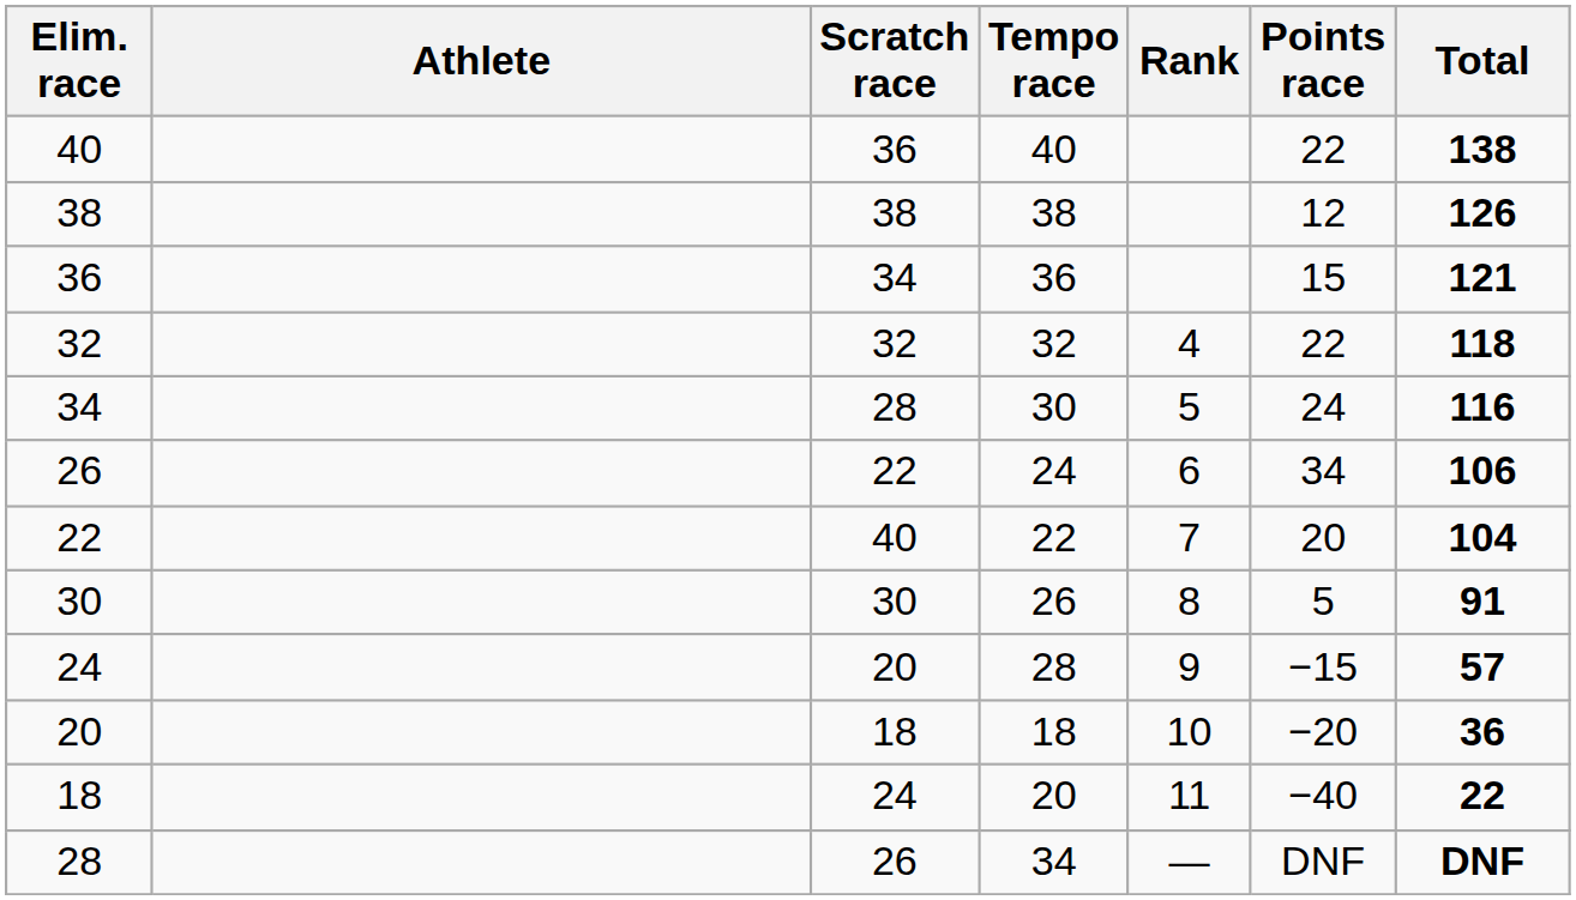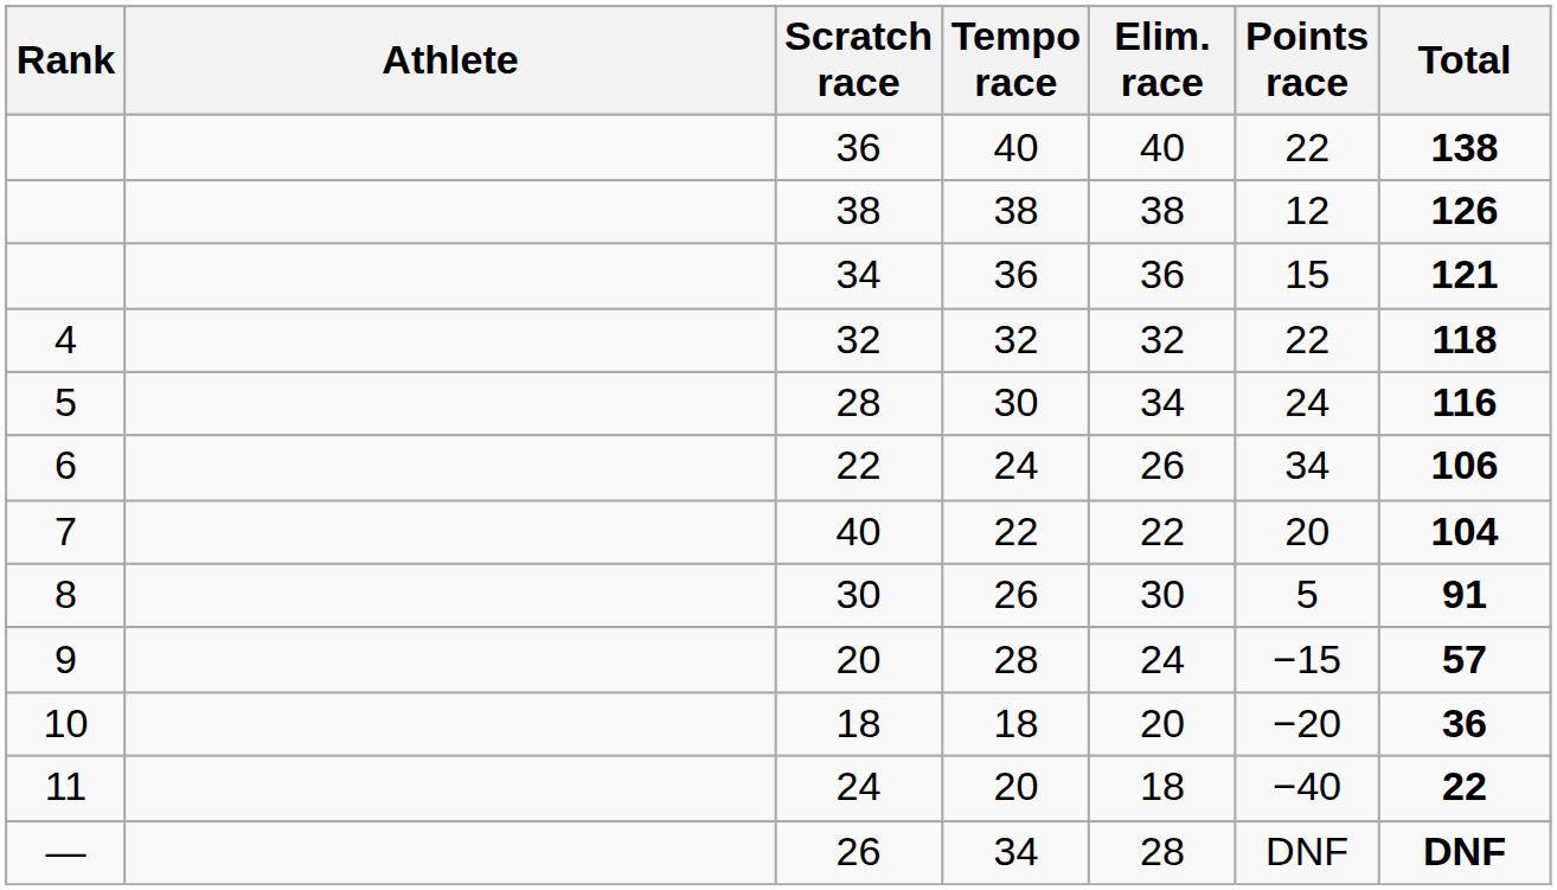 <table class=wikitable style="text-align:center">
 <tr>
-<th width=50>Elim.<br>race</th>
+<th width=40>Rank</th>
 <th width=250>Athlete</th>
 <th width=50>Scratch<br>race</th>
 <th width=50>Tempo<br>race</th>
-<th width=40>Rank</th>
+<th width=50>Elim.<br>race</th>
 <th width=50>Points<br>race</th>
 <th width=60>Total</th>
 </tr>
 <tr>
-<td>40</td>
+<td></td>
 <td align=left></td>
 <td>36</td>
 <td>40</td>
-<td></td>
+<td>40</td>
 <td>22</td>
 <td><strong>138</strong></td>
 </tr>
 <tr>
-<td>38</td>
+<td></td>
 <td align=left></td>
 <td>38</td>
 <td>38</td>
-<td></td>
+<td>38</td>
 <td>12</td>
 <td><strong>126</strong></td>
 </tr>
 <tr>
-<td>36</td>
+<td></td>
 <td align=left></td>
 <td>34</td>
 <td>36</td>
-<td></td>
+<td>36</td>
 <td>15</td>
 <td><strong>121</strong></td>
 </tr>
 <tr>
-<td>32</td>
+<td>4</td>
 <td align=left></td>
 <td>32</td>
 <td>32</td>
-<td>4</td>
+<td>32</td>
 <td>22</td>
 <td><strong>118</strong></td>
 </tr>
 <tr>
-<td>34</td>
+<td>5</td>
 <td align=left></td>
 <td>28</td>
 <td>30</td>
-<td>5</td>
+<td>34</td>
 <td>24</td>
 <td><strong>116</strong></td>
 </tr>
 <tr>
-<td>26</td>
+<td>6</td>
 <td align=left></td>
 <td>22</td>
 <td>24</td>
-<td>6</td>
+<td>26</td>
 <td>34</td>
 <td><strong>106</strong></td>
 </tr>
 <tr>
-<td>22</td>
+<td>7</td>
 <td align=left></td>
 <td>40</td>
 <td>22</td>
-<td>7</td>
+<td>22</td>
 <td>20</td>
 <td><strong>104</strong></td>
 </tr>
 <tr>
-<td>30</td>
+<td>8</td>
 <td align=left></td>
 <td>30</td>
 <td>26</td>
-<td>8</td>
+<td>30</td>
 <td>5</td>
 <td><strong>91</strong></td>
 </tr>
 <tr>
-<td>24</td>
+<td>9</td>
 <td align=left></td>
 <td>20</td>
 <td>28</td>
-<td>9</td>
+<td>24</td>
 <td>−15</td>
 <td><strong>57</strong></td>
 </tr>
 <tr>
-<td>20</td>
+<td>10</td>
 <td align=left></td>
 <td>18</td>
 <td>18</td>
-<td>10</td>
+<td>20</td>
 <td>−20</td>
 <td><strong>36</strong></td>
 </tr>
 <tr>
-<td>18</td>
+<td>11</td>
 <td align=left></td>
 <td>24</td>
 <td>20</td>
-<td>11</td>
+<td>18</td>
 <td>−40</td>
 <td><strong>22</strong></td>
 </tr>
 <tr>
-<td>28</td>
+<td>—</td>
 <td align=left></td>
 <td>26</td>
 <td>34</td>
-<td>—</td>
+<td>28</td>
 <td>DNF</td>
 <td><strong>DNF</strong></td>
 </tr>
 </table>
